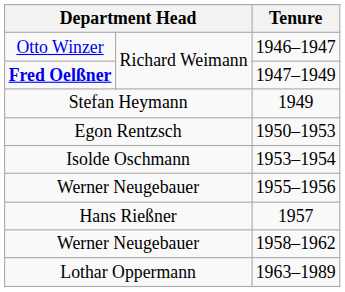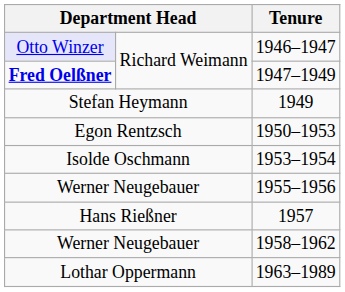 <table class="wikitable" style="text-align: center;">
 <tr>
 <th colspan="2">Department Head</th>
 <th>Tenure</th>
 </tr>
 <tr>
-<td><a href='#'>Otto Winzer</a></td>
+<td style="background: lavender;"><a href='#'>Otto Winzer</a></td>
 <td rowspan="2">Richard Weimann</td>
 <td>1946–1947</td>
 </tr>
 <tr>
 <td><strong><a href='#'>Fred Oelßner</a></strong></td>
 <td>1947–1949</td>
 </tr>
 <tr>
 <td colspan="2">Stefan Heymann</td>
 <td>1949</td>
 </tr>
 <tr>
 <td colspan="2">Egon Rentzsch</td>
 <td>1950–1953</td>
 </tr>
 <tr>
 <td colspan="2">Isolde Oschmann</td>
 <td>1953–1954</td>
 </tr>
 <tr>
 <td colspan="2">Werner Neugebauer</td>
 <td>1955–1956</td>
 </tr>
 <tr>
 <td colspan="2">Hans Rießner</td>
 <td>1957</td>
 </tr>
 <tr>
 <td colspan="2">Werner Neugebauer</td>
 <td>1958–1962</td>
 </tr>
 <tr>
 <td colspan="2">Lothar Oppermann</td>
 <td>1963–1989</td>
 </tr>
 </table>
